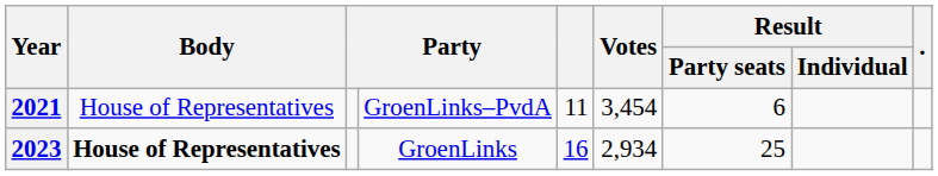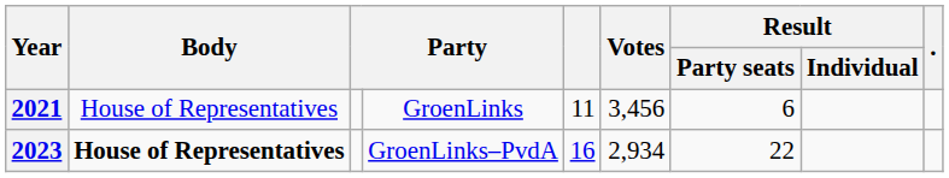 <table class="wikitable plainrowheaders sortable" border=2 cellpadding=4 cellspacing=0 style="border: 1px #aaa solid; font-size: 90%; text-align:center;">
 <tr>
 <th scope="col" rowspan=2>Year</th>
 <th scope="col" rowspan=2>Body</th>
 <th scope="col" colspan=2 rowspan=2>Party</th>
 <th scope="col" rowspan=2></th>
 <th scope="col" rowspan=2>Votes</th>
 <th scope="colgroup" colspan=2>Result</th>
 <th scope="col" rowspan=2 class="unsortable">.</th>
 </tr>
 <tr>
 <th scope="col">Party seats</th>
 <th scope="col">Individual</th>
 </tr>
 <tr>
 <th scope="row"><a href='#'>2021</a></th>
 <td><a href='#'>House of Representatives</a></td>
 <td style="background-color:"></td>
-<td><a href='#'>GroenLinks–PvdA</a></td>
+<td><a href='#'>GroenLinks</a></td>
 <td style=text-align:right>11</td>
-<td style=text-align:right>3,454</td>
+<td style=text-align:right>3,456</td>
 <td style=text-align:right>6</td>
 <td></td>
 <td></td>
 </tr>
 <tr>
 <th scope="row"><a href='#'>2023</a></th>
 <td><strong>House of Representatives</strong></td>
 <td style="background-color:"></td>
-<td><a href='#'>GroenLinks</a></td>
+<td><a href='#'>GroenLinks–PvdA</a></td>
 <td style=text-align:right><a href='#'>16</a></td>
 <td style=text-align:right>2,934</td>
-<td style=text-align:right>25</td>
+<td style=text-align:right>22</td>
 <td></td>
 <td></td>
 </tr>
 </table>
